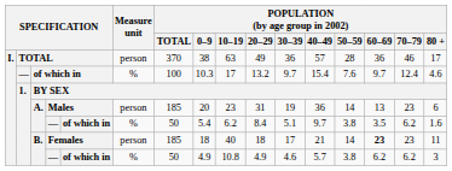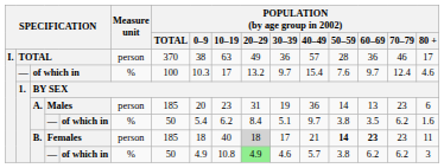 <table class="wikitable" style="font-size:85%; text-align:center">
 <tr>
 <th rowspan="2" colspan="5">SPECIFICATION</th>
 <th rowspan="2">Measure<br> unit</th>
 <th colspan="10" rowspan="1">POPULATION<br> (by age group in 2002)</th>
 </tr>
 <tr>
 <th>TOTAL</th>
 <th>0–9</th>
 <th>10–19</th>
 <th>20–29</th>
 <th>30–39</th>
 <th>40–49</th>
 <th>50–59</th>
 <th>60–69</th>
 <th>70–79</th>
 <th>80 +</th>
 </tr>
 <tr>
 <th style="text-align:left" valign="top" rowspan="7">I.</th>
 <th style="text-align:left" colspan="4">TOTAL</th>
 <td>person</td>
 <td>370</td>
 <td>38</td>
 <td>63</td>
 <td>49</td>
 <td>36</td>
 <td>57</td>
 <td>28</td>
 <td>36</td>
 <td>46</td>
 <td>17</td>
 </tr>
 <tr>
 <th style="text-align:left" valign="top">—</th>
 <th style="text-align:left" colspan="3">of which in</th>
 <td>%</td>
 <td>100</td>
 <td>10.3</td>
 <td>17</td>
 <td>13.2</td>
 <td>9.7</td>
 <td>15.4</td>
 <td>7.6</td>
 <td>9.7</td>
 <td>12.4</td>
 <td>4.6</td>
 </tr>
 <tr>
 <th style="text-align:left" valign="top" rowspan="5">1.</th>
 <th style="text-align:left" colspan="14">BY SEX</th>
 </tr>
 <tr>
 <th style="text-align:left" valign="top" rowspan="2">A.</th>
 <th style="text-align:left" colspan="2">Males</th>
 <td>person</td>
 <td>185</td>
 <td>20</td>
 <td>23</td>
 <td>31</td>
 <td>19</td>
 <td>36</td>
 <td>14</td>
 <td>13</td>
 <td>23</td>
 <td>6</td>
 </tr>
 <tr>
 <th style="text-align:left" valign="top">—</th>
 <th style="text-align:left" colspan="1">of which in</th>
 <td>%</td>
 <td>50</td>
 <td>5.4</td>
 <td>6.2</td>
 <td>8.4</td>
 <td>5.1</td>
 <td>9.7</td>
 <td>3.8</td>
 <td>3.5</td>
 <td>6.2</td>
 <td>1.6</td>
 </tr>
 <tr>
 <th style="text-align:left" valign="top" rowspan="2">B.</th>
 <th style="text-align:left" colspan="2">Females</th>
 <td>person</td>
 <td>185</td>
 <td>18</td>
 <td>40</td>
-<td>18</td>
+<td style="background: lightgrey;">18</td>
 <td>17</td>
 <td>21</td>
-<td>14</td>
+<td><strong>14</strong></td>
 <td><strong>23</strong></td>
 <td>23</td>
 <td>11</td>
 </tr>
 <tr>
 <th style="text-align:left" valign="top">—</th>
 <th style="text-align:left" colspan="1">of which in</th>
 <td>%</td>
 <td>50</td>
 <td>4.9</td>
 <td>10.8</td>
-<td>4.9</td>
+<td style="background: lightgreen;">4.9</td>
 <td>4.6</td>
 <td>5.7</td>
 <td>3.8</td>
 <td>6.2</td>
 <td>6.2</td>
 <td>3</td>
 </tr>
 </table>
